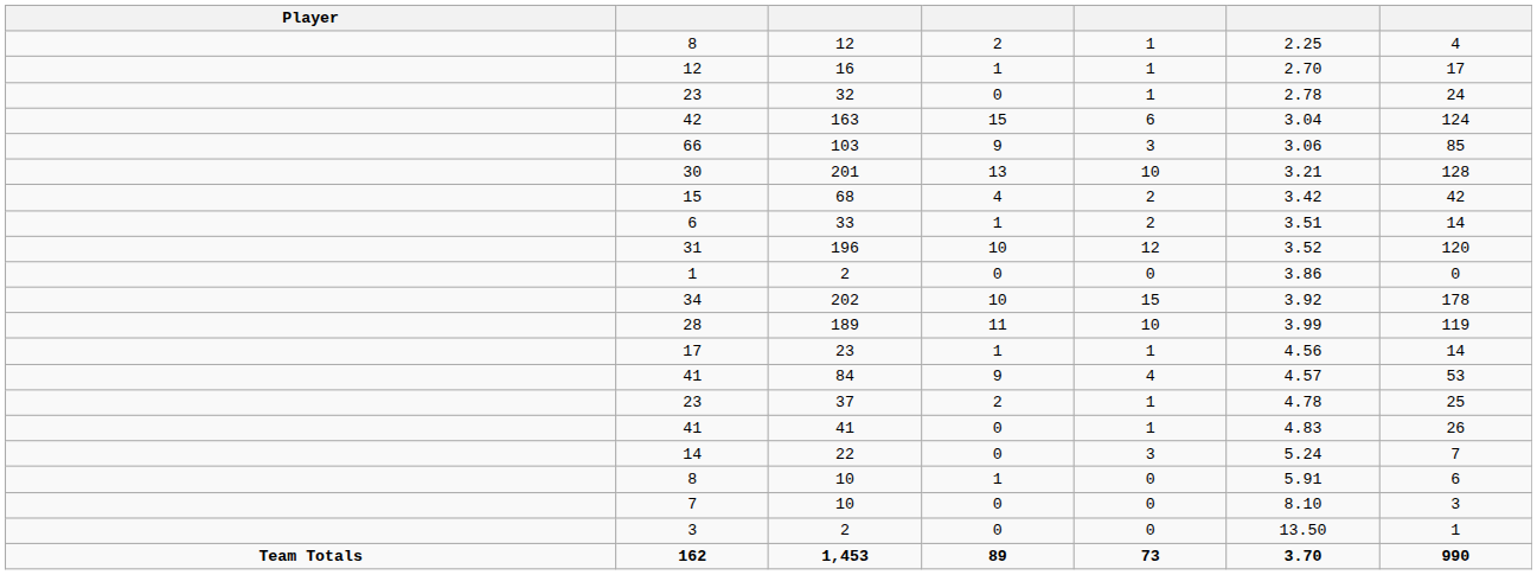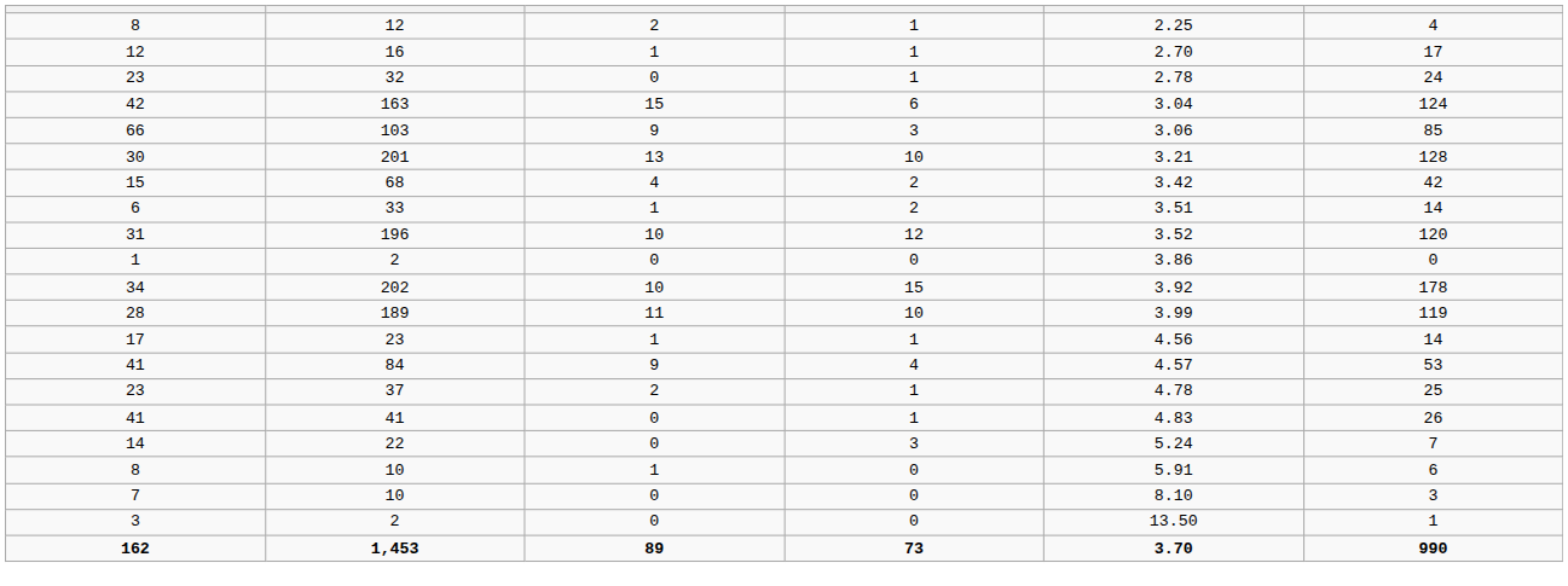 <table class="wikitable sortable" style="text-align:center;" width="100%">
 <tr>
-<th width="40%">Player</th>
 <th width="10%"></th>
 <th width="10%" data-sort-type="number"></th>
 <th width="10%"></th>
 <th width="10%"></th>
 <th width="10%"></th>
 <th width="10%"></th>
 </tr>
 <tr>
-<td></td>
 <td>8</td>
 <td>12</td>
 <td>2</td>
 <td>1</td>
 <td>2.25</td>
 <td>4</td>
 </tr>
 <tr>
-<td></td>
 <td>12</td>
 <td>16</td>
 <td>1</td>
 <td>1</td>
 <td>2.70</td>
 <td>17</td>
 </tr>
 <tr>
-<td></td>
 <td>23</td>
 <td>32</td>
 <td>0</td>
 <td>1</td>
 <td>2.78</td>
 <td>24</td>
 </tr>
 <tr>
-<td></td>
 <td>42</td>
 <td>163</td>
 <td>15</td>
 <td>6</td>
 <td>3.04</td>
 <td>124</td>
 </tr>
 <tr>
-<td></td>
 <td>66</td>
 <td>103</td>
 <td>9</td>
 <td>3</td>
 <td>3.06</td>
 <td>85</td>
 </tr>
 <tr>
-<td></td>
 <td>30</td>
 <td>201</td>
 <td>13</td>
 <td>10</td>
 <td>3.21</td>
 <td>128</td>
 </tr>
 <tr>
-<td></td>
 <td>15</td>
 <td>68</td>
 <td>4</td>
 <td>2</td>
 <td>3.42</td>
 <td>42</td>
 </tr>
 <tr>
-<td></td>
 <td>6</td>
 <td>33</td>
 <td>1</td>
 <td>2</td>
 <td>3.51</td>
 <td>14</td>
 </tr>
 <tr>
-<td></td>
 <td>31</td>
 <td>196</td>
 <td>10</td>
 <td>12</td>
 <td>3.52</td>
 <td>120</td>
 </tr>
 <tr>
-<td></td>
 <td>1</td>
 <td>2</td>
 <td>0</td>
 <td>0</td>
 <td>3.86</td>
 <td>0</td>
 </tr>
 <tr>
-<td></td>
 <td>34</td>
 <td>202</td>
 <td>10</td>
 <td>15</td>
 <td>3.92</td>
 <td>178</td>
 </tr>
 <tr>
-<td></td>
 <td>28</td>
 <td>189</td>
 <td>11</td>
 <td>10</td>
 <td>3.99</td>
 <td>119</td>
 </tr>
 <tr>
-<td></td>
 <td>17</td>
 <td>23</td>
 <td>1</td>
 <td>1</td>
 <td>4.56</td>
 <td>14</td>
 </tr>
 <tr>
-<td></td>
 <td>41</td>
 <td>84</td>
 <td>9</td>
 <td>4</td>
 <td>4.57</td>
 <td>53</td>
 </tr>
 <tr>
-<td></td>
 <td>23</td>
 <td>37</td>
 <td>2</td>
 <td>1</td>
 <td>4.78</td>
 <td>25</td>
 </tr>
 <tr>
-<td></td>
 <td>41</td>
 <td>41</td>
 <td>0</td>
 <td>1</td>
 <td>4.83</td>
 <td>26</td>
 </tr>
 <tr>
-<td></td>
 <td>14</td>
 <td>22</td>
 <td>0</td>
 <td>3</td>
 <td>5.24</td>
 <td>7</td>
 </tr>
 <tr>
-<td></td>
 <td>8</td>
 <td>10</td>
 <td>1</td>
 <td>0</td>
 <td>5.91</td>
 <td>6</td>
 </tr>
 <tr>
-<td></td>
 <td>7</td>
 <td>10</td>
 <td>0</td>
 <td>0</td>
 <td>8.10</td>
 <td>3</td>
 </tr>
 <tr>
-<td></td>
 <td>3</td>
 <td>2</td>
 <td>0</td>
 <td>0</td>
 <td>13.50</td>
 <td>1</td>
 </tr>
 <tr>
-<td><strong>Team Totals</strong></td>
 <td><strong>162</strong></td>
 <td><strong>1,453</strong></td>
 <td><strong>89</strong></td>
 <td><strong>73</strong></td>
 <td><strong>3.70</strong></td>
 <td><strong>990</strong></td>
 </tr>
 </table>
